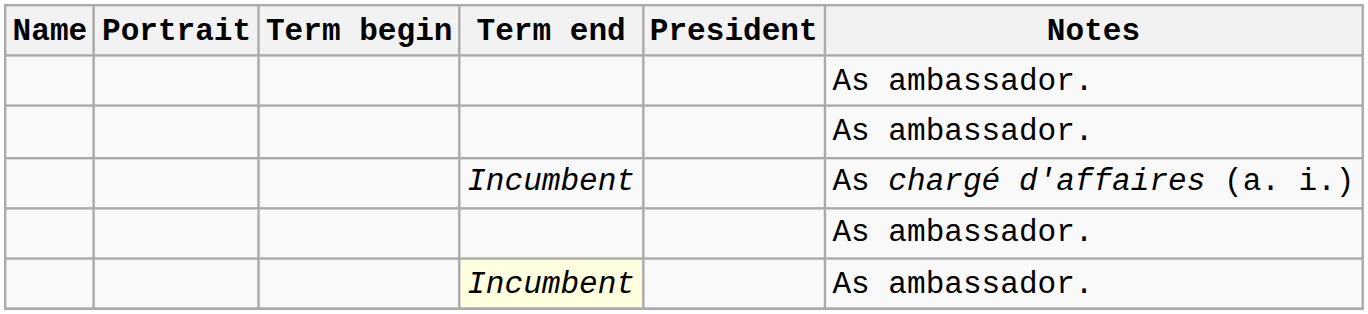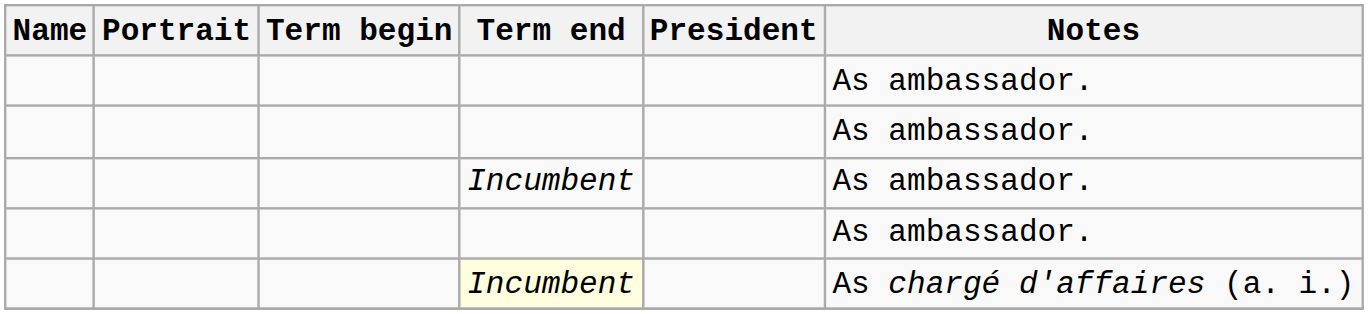 <table class="wikitable sortable"  text-align:center;">
 <tr>
 <th>Name</th>
 <th class="unsortable">Portrait</th>
 <th>Term begin</th>
 <th>Term end</th>
 <th>President</th>
 <th class="unsortable">Notes</th>
 </tr>
 <tr>
 <td></td>
 <td></td>
 <td></td>
 <td></td>
 <td></td>
 <td>As ambassador.</td>
 </tr>
 <tr>
 <td></td>
 <td></td>
 <td></td>
 <td></td>
 <td></td>
 <td>As ambassador.</td>
 </tr>
 <tr>
 <td></td>
 <td></td>
 <td></td>
 <td><em>Incumbent</em></td>
 <td></td>
-<td>As <em>chargé d'affaires</em> (a. i.)</td>
+<td>As ambassador.</td>
 </tr>
 <tr>
 <td></td>
 <td></td>
 <td></td>
 <td></td>
 <td></td>
 <td>As ambassador.</td>
 </tr>
 <tr>
 <td></td>
 <td></td>
 <td></td>
 <td style="background: lightyellow;"><em>Incumbent</em></td>
 <td></td>
-<td>As ambassador.</td>
+<td>As <em>chargé d'affaires</em> (a. i.)</td>
 </tr>
 <tr>
 </tr>
 </table>
